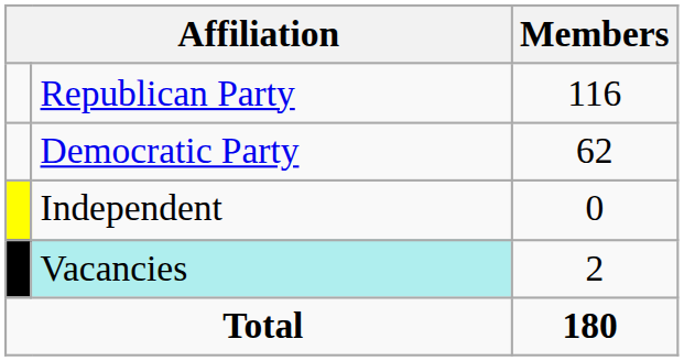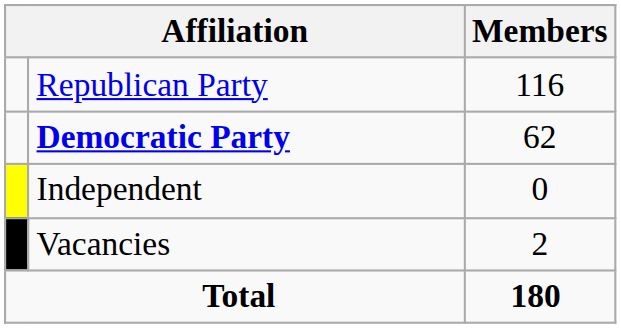 <table class="wikitable">
 <tr>
 <th colspan=2 align=center valign=bottom>Affiliation</th>
 <th colspan=2 align=center valign=bottom>Members</th>
 </tr>
 <tr>
 <td></td>
 <td width="201"><a href='#'>Republican Party</a></td>
 <td colspan=2 align=center>116</td>
 </tr>
 <tr>
 <td></td>
-<td><a href='#'>Democratic Party</a></td>
+<td><strong><a href='#'>Democratic Party</a></strong></td>
 <td colspan=2 align=center>62</td>
 </tr>
 <tr>
 <td bgcolor="yellow"> </td>
 <td>Independent</td>
 <td colspan=2 align=center>0</td>
 </tr>
 <tr>
 <td bgcolor="black"> </td>
-<td style="background: paleturquoise;">Vacancies</td>
+<td>Vacancies</td>
 <td colspan=2 align=center>2</td>
 </tr>
 <tr>
 <td colspan=2 align=center> <strong>Total</strong></td>
 <td colspan=2 align=center><strong>180</strong> </td>
 </tr>
 </table>
